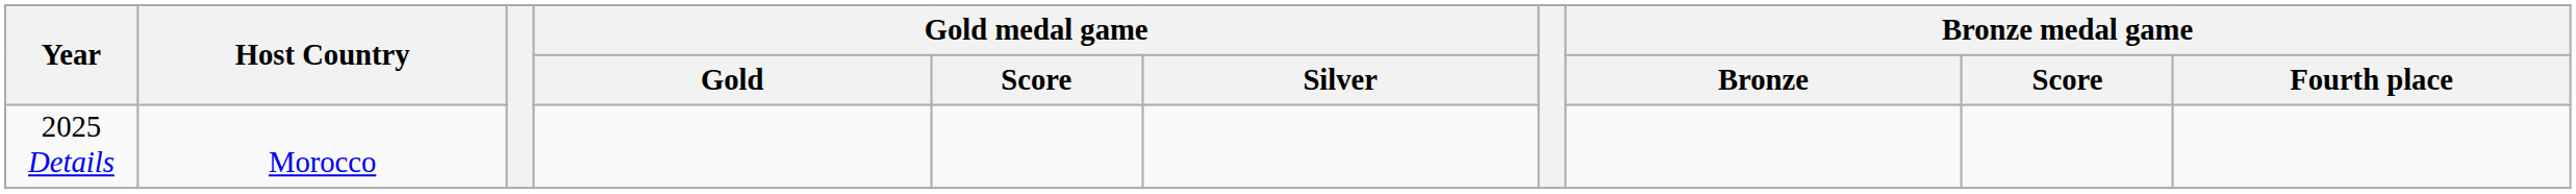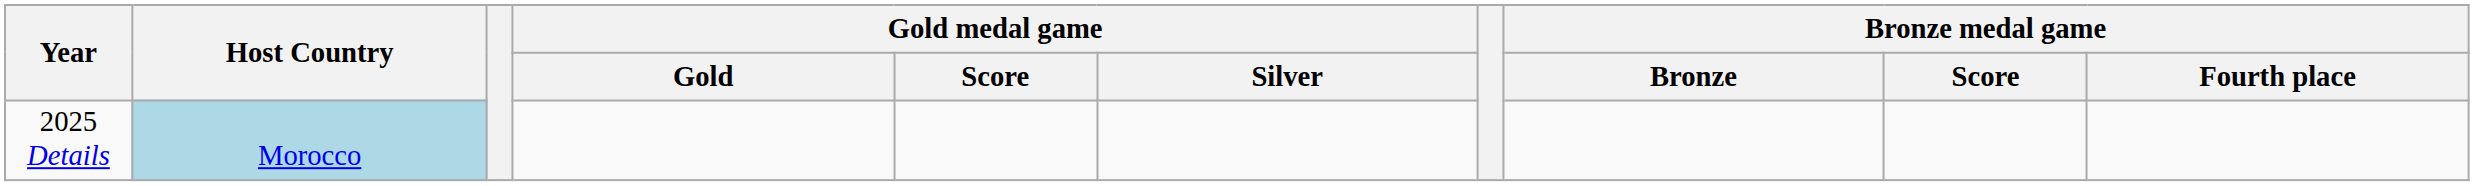 <table class="wikitable" style="font-size:90%; width: 98%; text-align: center;">
 <tr>
 <th rowspan=2 width=5%>Year</th>
 <th rowspan=2 width=14%>Host Country</th>
 <th width=1% rowspan=13 bgcolor=ffffff></th>
 <th colspan=3>Gold medal game</th>
 <th width=1% rowspan=13 bgcolor=ffffff></th>
 <th colspan=3>Bronze medal game</th>
 </tr>
 <tr>
 <th width=15%>Gold</th>
 <th width=8%>Score</th>
 <th width=15%>Silver</th>
 <th width=15%>Bronze</th>
 <th width=8%>Score</th>
 <th width=15%>Fourth place</th>
 </tr>
 <tr>
 <td>2025 <br> <em><a href='#'>Details</a></em></td>
-<td><br><a href='#'>Morocco</a></td>
+<td style="background: lightblue;"><br><a href='#'>Morocco</a></td>
 <td></td>
 <td></td>
 <td></td>
 <td></td>
 <td></td>
 <td></td>
 </tr>
 </table>
